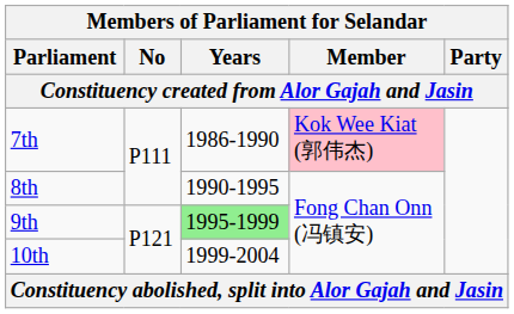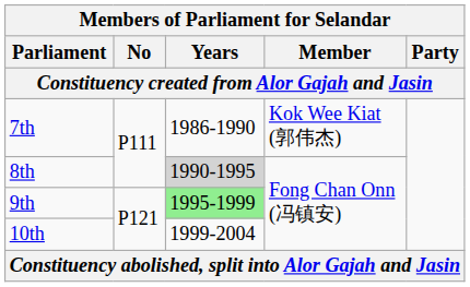 <table class=wikitable>
 <tr>
 <th colspan="5">Members of Parliament for Selandar</th>
 </tr>
 <tr>
 <th>Parliament</th>
 <th>No</th>
 <th>Years</th>
 <th>Member</th>
 <th>Party</th>
 </tr>
 <tr>
 <th colspan="5" align="center"><em>Constituency created from <a href='#'>Alor Gajah</a> and <a href='#'>Jasin</a></em></th>
 </tr>
 <tr>
 <td><a href='#'>7th</a></td>
 <td rowspan="2">P111</td>
 <td>1986-1990</td>
-<td style="background: pink;"><a href='#'>Kok Wee Kiat</a>  <br>(郭伟杰)</td>
+<td><a href='#'>Kok Wee Kiat</a>  <br>(郭伟杰)</td>
 <td rowspan="4"></td>
 </tr>
 <tr>
 <td><a href='#'>8th</a></td>
-<td>1990-1995</td>
+<td style="background: lightgrey;">1990-1995</td>
 <td rowspan=3><a href='#'>Fong Chan Onn</a>  <br>(冯镇安)</td>
 </tr>
 <tr>
 <td><a href='#'>9th</a></td>
 <td rowspan="2">P121</td>
 <td style="background: lightgreen;">1995-1999</td>
 </tr>
 <tr>
 <td><a href='#'>10th</a></td>
 <td>1999-2004</td>
 </tr>
 <tr>
 <th colspan="5" align="center"><em>Constituency abolished, split into <a href='#'>Alor Gajah</a> and <a href='#'>Jasin</a></em></th>
 </tr>
 </table>
